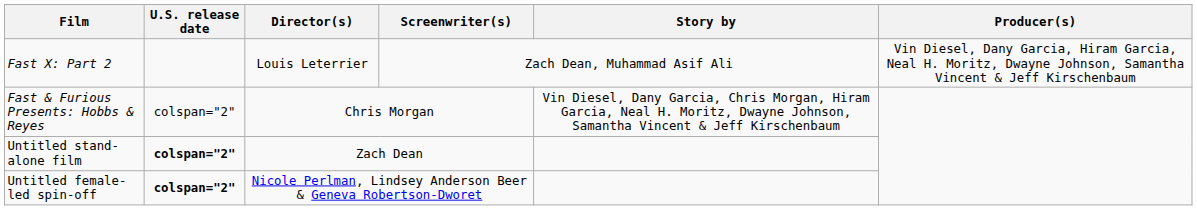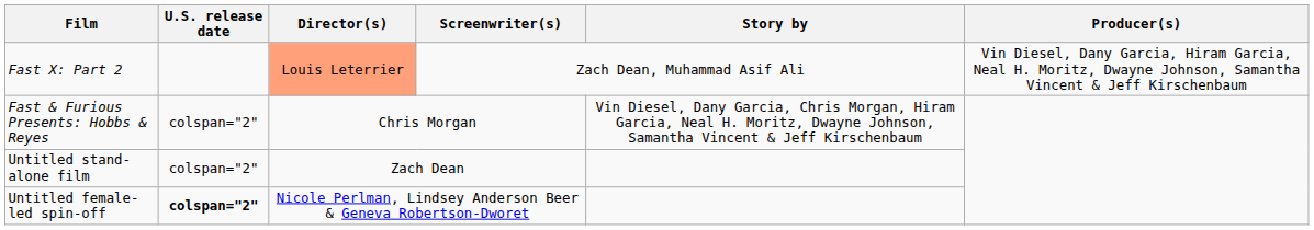 <table class="wikitable plainrowheaders" style="text-align:center;">
 <tr>
 <th>Film</th>
 <th>U.S. release date</th>
 <th>Director(s)</th>
 <th>Screenwriter(s)</th>
 <th>Story by</th>
 <th>Producer(s)</th>
 </tr>
 <tr>
 <td style="text-align:left"><em>Fast X: Part 2</em></td>
 <td style="text-align:left"></td>
-<td>Louis Leterrier</td>
+<td style="background: lightsalmon;">Louis Leterrier</td>
 <td colspan="2">Zach Dean, Muhammad Asif Ali</td>
 <td>Vin Diesel, Dany Garcia, Hiram Garcia, Neal H. Moritz, Dwayne Johnson, Samantha Vincent & Jeff Kirschenbaum</td>
 </tr>
 <tr>
 <td style="text-align:left"><em>Fast & Furious Presents: Hobbs & Reyes</em></td>
 <td>colspan="2" </td>
 <td colspan="2">Chris Morgan</td>
 <td>Vin Diesel, Dany Garcia, Chris Morgan, Hiram Garcia, Neal H. Moritz, Dwayne Johnson, Samantha Vincent & Jeff Kirschenbaum</td>
 </tr>
 <tr>
 <td style="text-align:left">Untitled stand-alone film</td>
-<td><strong>colspan="2" </strong></td>
+<td>colspan="2" </td>
 <td colspan="2">Zach Dean</td>
 <td></td>
 </tr>
 <tr>
 <td style="text-align:left">Untitled female-led spin-off</td>
 <td><strong>colspan="2" </strong></td>
 <td colspan="2"><a href='#'>Nicole Perlman</a>, Lindsey Anderson Beer & <a href='#'>Geneva Robertson-Dworet</a></td>
 <td></td>
 </tr>
 </table>
